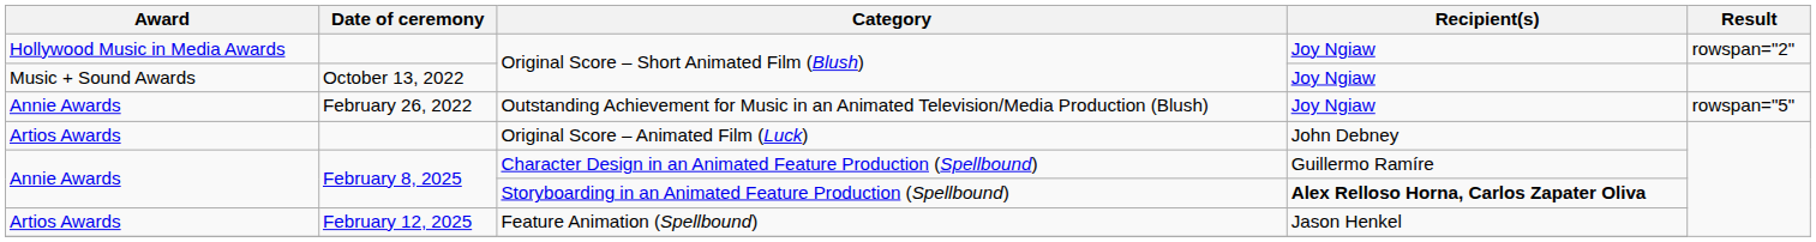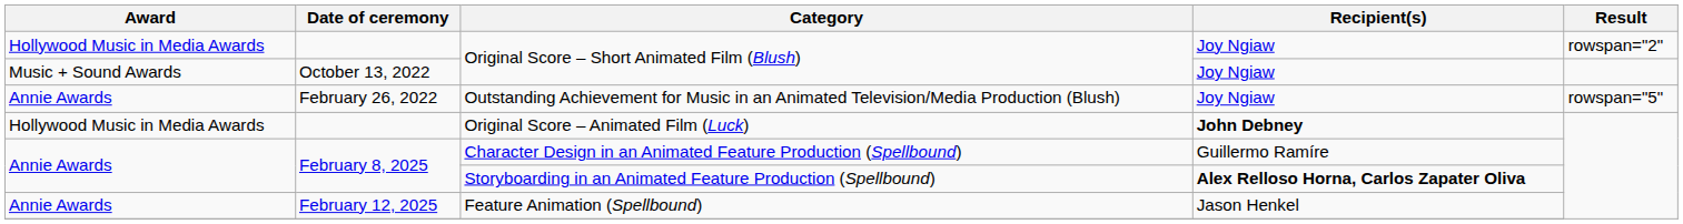 <table class="wikitable sortable" style="width:100%;">
 <tr>
 <th scope="col">Award</th>
 <th scope="col">Date of ceremony</th>
 <th scope="col">Category</th>
 <th scope="col">Recipient(s)</th>
 <th scope="col">Result</th>
 </tr>
 <tr>
 <td><a href='#'>Hollywood Music in Media Awards</a></td>
 <td><a href='#'></a></td>
 <td rowspan="2">Original Score – Short Animated Film (<em><a href='#'>Blush</a></em>)</td>
 <td><a href='#'>Joy Ngiaw</a></td>
 <td>rowspan="2" </td>
 </tr>
 <tr>
 <td>Music + Sound Awards</td>
 <td>October 13, 2022</td>
 <td><a href='#'>Joy Ngiaw</a></td>
 </tr>
 <tr>
 <td><a href='#'>Annie Awards</a></td>
 <td>February 26, 2022</td>
 <td>Outstanding Achievement for Music in an Animated Television/Media Production (Blush)</td>
 <td><a href='#'>Joy Ngiaw</a></td>
 <td>rowspan="5" </td>
 </tr>
 <tr>
-<td><a href='#'>Artios Awards</a></td>
+<td>Hollywood Music in Media Awards</td>
 <td><a href='#'></a></td>
 <td>Original Score – Animated Film (<em><a href='#'>Luck</a></em>)</td>
-<td>John Debney</td>
+<td><strong>John Debney</strong></td>
 </tr>
 <tr>
 <td rowspan="2"><a href='#'>Annie Awards</a></td>
 <td rowspan="2"><a href='#'>February 8, 2025</a></td>
 <td><a href='#'>Character Design in an Animated Feature Production</a> (<em><a href='#'>Spellbound</a></em>)</td>
 <td>Guillermo Ramíre</td>
 </tr>
 <tr>
 <td><a href='#'>Storyboarding in an Animated Feature Production</a> (<em>Spellbound</em>)</td>
 <td><strong>Alex Relloso Horna, Carlos Zapater Oliva</strong></td>
 </tr>
 <tr>
-<td><a href='#'>Artios Awards</a></td>
+<td><a href='#'>Annie Awards</a></td>
 <td><a href='#'>February 12, 2025</a></td>
 <td>Feature Animation (<em>Spellbound</em>)</td>
 <td>Jason Henkel</td>
 </tr>
 <tr>
 </tr>
 </table>
